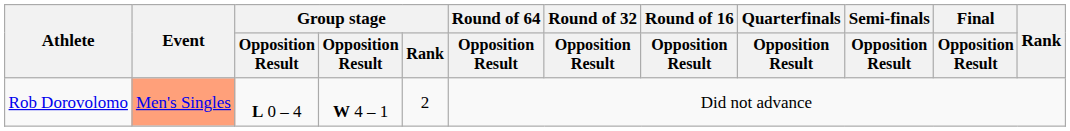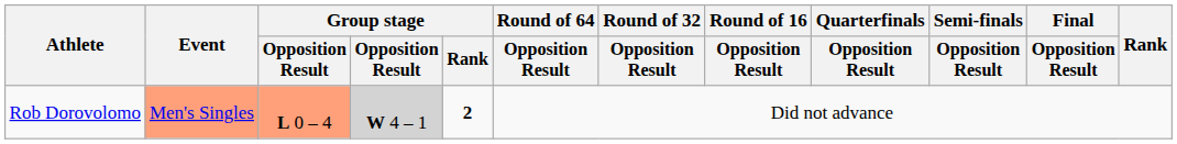 <table class="wikitable" style="font-size:90%">
 <tr>
 <th rowspan=2>Athlete</th>
 <th rowspan=2>Event</th>
 <th colspan=3>Group stage</th>
 <th>Round of 64</th>
 <th>Round of 32</th>
 <th>Round of 16</th>
 <th>Quarterfinals</th>
 <th>Semi-finals</th>
 <th>Final</th>
 <th rowspan=2>Rank</th>
 </tr>
 <tr style="font-size:95%">
 <th>Opposition<br>Result</th>
 <th>Opposition<br>Result</th>
 <th>Rank</th>
 <th>Opposition<br>Result</th>
 <th>Opposition<br>Result</th>
 <th>Opposition<br>Result</th>
 <th>Opposition<br>Result</th>
 <th>Opposition<br>Result</th>
 <th>Opposition<br>Result</th>
 </tr>
 <tr align=center>
 <td align=left><a href='#'>Rob Dorovolomo</a></td>
 <td align=left style="background: lightsalmon;"><a href='#'>Men's Singles</a></td>
-<td><br><strong>L</strong> 0 – 4</td>
-<td><br><strong>W</strong> 4 – 1</td>
-<td>2</td>
+<td style="background: lightsalmon;"><br><strong>L</strong> 0 – 4</td>
+<td style="background: lightgrey;"><br><strong>W</strong> 4 – 1</td>
+<td><strong>2</strong></td>
 <td colspan=7>Did not advance</td>
 </tr>
 </table>
